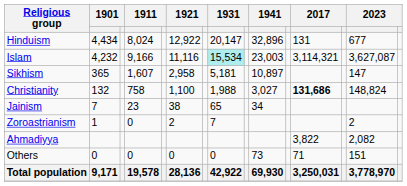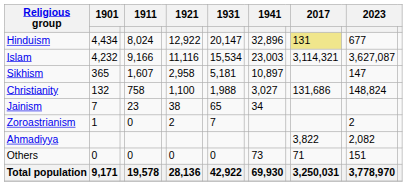 <table class="wikitable collapsible sortable">
 <tr>
 <th rowspan="2"><a href='#'>Religious</a><br>group</th>
 <th colspan="2">1901</th>
 <th colspan="2">1911</th>
 <th colspan="2">1921</th>
 <th colspan="2">1931</th>
 <th colspan="2">1941</th>
 <th colspan="2">2017</th>
 <th colspan="2">2023</th>
 </tr>
 <tr>
 <th><a href='#'></a></th>
 <th></th>
 <th></th>
 <th></th>
 <th></th>
 <th></th>
 <th></th>
 <th></th>
 <th></th>
 <th></th>
 <th></th>
 <th></th>
 <th></th>
 <th></th>
 </tr>
 <tr>
 <td><a href='#'>Hinduism</a> </td>
 <td>4,434</td>
 <td></td>
 <td>8,024</td>
 <td></td>
 <td>12,922</td>
 <td></td>
 <td>20,147</td>
 <td></td>
 <td>32,896</td>
 <td></td>
-<td>131</td>
+<td style="background: khaki;">131</td>
 <td></td>
 <td>677</td>
 <td></td>
 </tr>
 <tr>
 <td><a href='#'>Islam</a> </td>
 <td>4,232</td>
 <td></td>
 <td>9,166</td>
 <td></td>
 <td>11,116</td>
 <td></td>
-<td style="background: paleturquoise;">15,534</td>
+<td>15,534</td>
 <td></td>
 <td>23,003</td>
 <td></td>
 <td>3,114,321</td>
 <td></td>
 <td>3,627,087</td>
 <td></td>
 </tr>
 <tr>
 <td><a href='#'>Sikhism</a> </td>
 <td>365</td>
 <td></td>
 <td>1,607</td>
 <td></td>
 <td>2,958</td>
 <td></td>
 <td>5,181</td>
 <td></td>
 <td>10,897</td>
 <td></td>
 <td></td>
 <td></td>
 <td>147</td>
 <td></td>
 </tr>
 <tr>
 <td><a href='#'>Christianity</a> </td>
 <td>132</td>
 <td></td>
 <td>758</td>
 <td></td>
 <td>1,100</td>
 <td></td>
 <td>1,988</td>
 <td></td>
 <td>3,027</td>
 <td></td>
-<td><strong>131,686</strong></td>
+<td>131,686</td>
 <td></td>
 <td>148,824</td>
 <td></td>
 </tr>
 <tr>
 <td><a href='#'>Jainism</a> </td>
 <td>7</td>
 <td></td>
 <td>23</td>
 <td></td>
 <td>38</td>
 <td></td>
 <td>65</td>
 <td></td>
 <td>34</td>
 <td></td>
 <td></td>
 <td></td>
 <td></td>
 <td></td>
 </tr>
 <tr>
 <td><a href='#'>Zoroastrianism</a> </td>
 <td>1</td>
 <td></td>
 <td>0</td>
 <td></td>
 <td>2</td>
 <td></td>
 <td>7</td>
 <td></td>
 <td></td>
 <td></td>
 <td></td>
 <td></td>
 <td>2</td>
 <td></td>
 </tr>
 <tr>
 <td><a href='#'>Ahmadiyya</a> </td>
 <td></td>
 <td></td>
 <td></td>
 <td></td>
 <td></td>
 <td></td>
 <td></td>
 <td></td>
 <td></td>
 <td></td>
 <td>3,822</td>
 <td></td>
 <td>2,082</td>
 <td></td>
 </tr>
 <tr>
 <td>Others</td>
 <td>0</td>
 <td></td>
 <td>0</td>
 <td></td>
 <td>0</td>
 <td></td>
 <td>0</td>
 <td></td>
 <td>73</td>
 <td></td>
 <td>71</td>
 <td></td>
 <td>151</td>
 <td></td>
 </tr>
 <tr>
 <th>Total population</th>
 <th>9,171</th>
 <th></th>
 <th>19,578</th>
 <th></th>
 <th>28,136</th>
 <th></th>
 <th>42,922</th>
 <th></th>
 <th>69,930</th>
 <th></th>
 <th>3,250,031</th>
 <th></th>
 <th>3,778,970</th>
 <th></th>
 </tr>
 <tr>
 </tr>
 </table>
